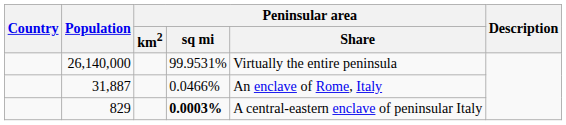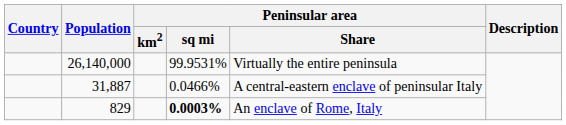 <table class="wikitable">
 <tr>
 <th rowspan=2><a href='#'>Country</a></th>
 <th rowspan=2><a href='#'>Population</a></th>
 <th colspan=3>Peninsular area</th>
 <th rowspan=2>Description</th>
 </tr>
 <tr>
 <th>km<sup>2</sup></th>
 <th>sq mi</th>
 <th>Share</th>
 </tr>
 <tr>
 <td></td>
 <td align=right>26,140,000</td>
 <td></td>
 <td>99.9531%</td>
 <td>Virtually the entire peninsula</td>
 </tr>
 <tr>
 <td></td>
 <td align=right>31,887</td>
 <td></td>
 <td>0.0466%</td>
-<td>An <a href='#'>enclave</a> of <a href='#'>Rome</a>, <a href='#'>Italy</a></td>
+<td>A central-eastern <a href='#'>enclave</a> of peninsular Italy</td>
 </tr>
 <tr>
 <td></td>
 <td align=right>829</td>
 <td></td>
 <td><strong>0.0003%</strong></td>
-<td>A central-eastern <a href='#'>enclave</a> of peninsular Italy</td>
+<td>An <a href='#'>enclave</a> of <a href='#'>Rome</a>, <a href='#'>Italy</a></td>
 </tr>
 </table>
